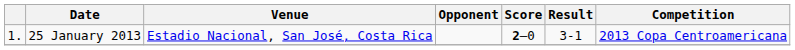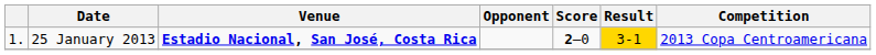 <table class="wikitable">
 <tr>
 <th></th>
 <th>Date</th>
 <th>Venue</th>
 <th>Opponent</th>
 <th>Score</th>
 <th>Result</th>
 <th>Competition</th>
 </tr>
 <tr>
 <td align="center">1.</td>
 <td>25 January 2013</td>
-<td><a href='#'>Estadio Nacional</a>, <a href='#'>San José, Costa Rica</a></td>
+<td><strong><a href='#'>Estadio Nacional</a>, <a href='#'>San José, Costa Rica</a></strong></td>
 <td></td>
 <td align="center"><strong>2</strong>–0</td>
-<td align="center">3-1</td>
+<td align="center" style="background: gold;">3-1</td>
 <td><a href='#'>2013 Copa Centroamericana</a></td>
 </tr>
 <tr>
 </tr>
 </table>
